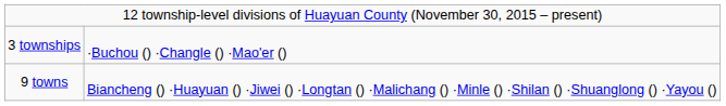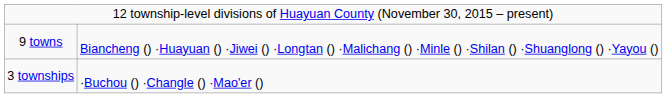 <table class="wikitable">
 <tr>
 <td style="text-align:center;" colspan="2">12 township-level divisions of <a href='#'>Huayuan County</a> (November 30, 2015 – present)</td>
 </tr>
 <tr align=left>
+<td align=center>9 <a href='#'>towns</a></td>
+<td><br><a href='#'>Biancheng</a> () ·<a href='#'>Huayuan</a> () ·<a href='#'>Jiwei</a> () ·<a href='#'>Longtan</a> () ·<a href='#'>Malichang</a> () ·<a href='#'>Minle</a> () ·<a href='#'>Shilan</a> () ·<a href='#'>Shuanglong</a> () ·<a href='#'>Yayou</a> ()</td>
+</tr>
+<tr align=left>
 <td align=center>3 <a href='#'>townships</a></td>
 <td><br>·<a href='#'>Buchou</a> () ·<a href='#'>Changle</a> () ·<a href='#'>Mao'er</a> ()</td>
 </tr>
-<tr align=left>
-<td align=center>9 <a href='#'>towns</a></td>
-<td><br><a href='#'>Biancheng</a> () ·<a href='#'>Huayuan</a> () ·<a href='#'>Jiwei</a> () ·<a href='#'>Longtan</a> () ·<a href='#'>Malichang</a> () ·<a href='#'>Minle</a> () ·<a href='#'>Shilan</a> () ·<a href='#'>Shuanglong</a> () ·<a href='#'>Yayou</a> ()</td>
-</tr>
 </table>
